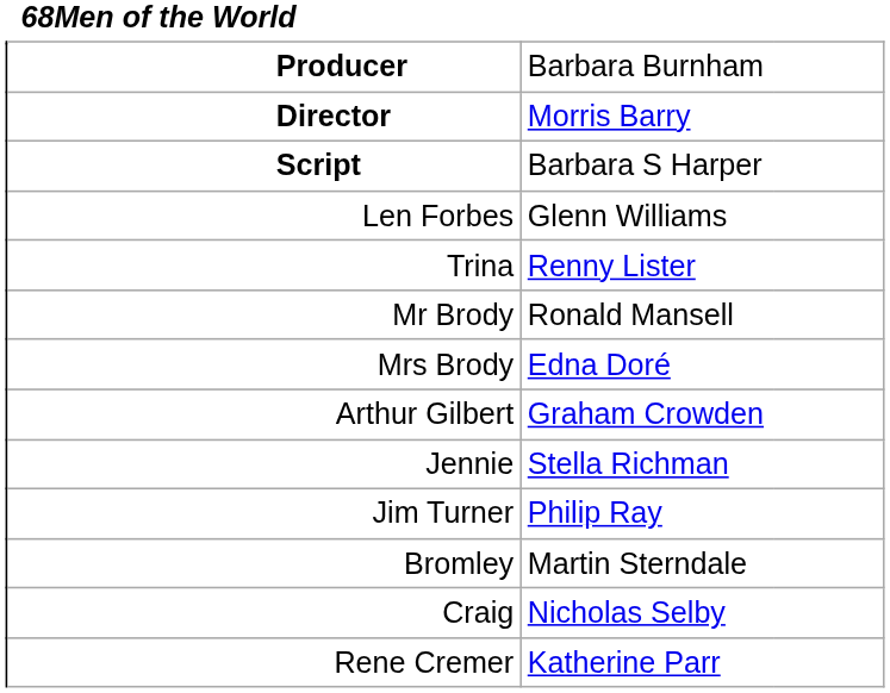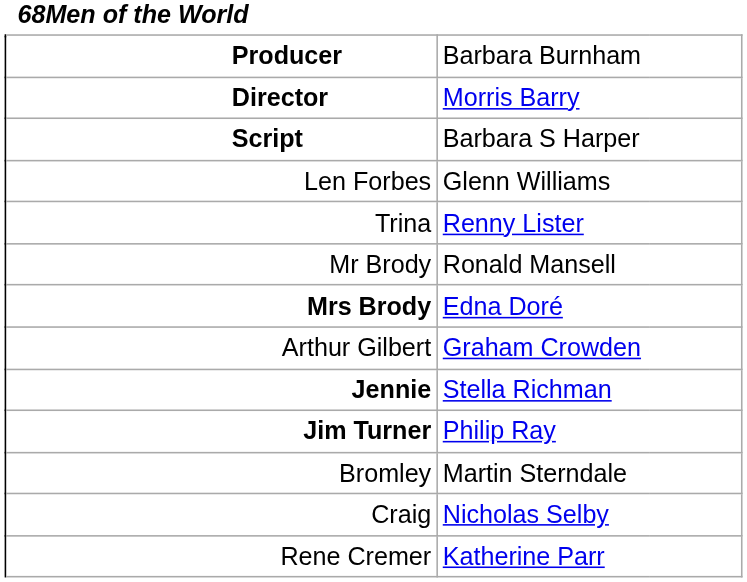 <table class="wikitable mw-collapsible mw-collapsed" style="vertical-align:top;margin:auto 2em;line-height:1.2;min-width:33em;display: inline-table;background-color:inherit;border:none;">
 <tr>
 <td class=unsortable style="border:hidden;line-height:1.67;text-align:center;margin-left:-1em;padding-left:0.5em;min-width:1.0em;"></td>
 <td class=unsortable style="border:none;padding-left:0.5em;text-align:left;min-width:16.5em;font-weight:700;font-style:italic;">68Men of the World</td>
 <td class=unsortable style="border:none;text-align:right;font-weight:normal;font-family:Courier;font-size:95%;letter-spacing:-1pt;min-width:8.5em;padding-right:0.2em;"></td>
 <td class=unsortable style="border:hidden;min-width:3.5em;padding-left:0;"></td>
 <td class=unsortable style="border:hidden;min-width:3.5em;font-size:95%;"></td>
 </tr>
 <tr>
 <td rowspan=100 style="border:none thin;border-right-style :solid;"></td>
 </tr>
 <tr>
 <td style="text-align:left;padding-left:9.0em;font-weight:bold;">Producer</td>
 <td colspan=2>Barbara Burnham</td>
 </tr>
 <tr>
 <td style="text-align:left;padding-left:9.0em;font-weight:bold;">Director</td>
 <td colspan=2><a href='#'>Morris Barry</a></td>
 </tr>
 <tr>
 <td style="text-align:left;padding-left:9.0em;font-weight:bold;">Script</td>
 <td colspan=2>Barbara S Harper</td>
 </tr>
 <tr>
 <td style="text-align:right;">Len Forbes</td>
 <td colspan=2>Glenn Williams</td>
 </tr>
 <tr>
 <td style="text-align:right;">Trina</td>
 <td colspan=2><a href='#'>Renny Lister</a></td>
 </tr>
 <tr>
 <td style="text-align:right;">Mr Brody</td>
 <td colspan=2>Ronald Mansell</td>
 </tr>
 <tr>
-<td style="text-align:right;">Mrs Brody</td>
+<td style="text-align:right;"><strong>Mrs Brody</strong></td>
 <td colspan=2><a href='#'>Edna Doré</a></td>
 </tr>
 <tr>
 <td style="text-align:right;">Arthur Gilbert</td>
 <td colspan=2><a href='#'>Graham Crowden</a></td>
 </tr>
 <tr>
-<td style="text-align:right;">Jennie</td>
+<td style="text-align:right;"><strong>Jennie</strong></td>
 <td colspan=2><a href='#'>Stella Richman</a></td>
 </tr>
 <tr>
-<td style="text-align:right;">Jim Turner</td>
+<td style="text-align:right;"><strong>Jim Turner</strong></td>
 <td colspan=2><a href='#'>Philip Ray</a></td>
 </tr>
 <tr>
 <td style="text-align:right;">Bromley</td>
 <td colspan=2>Martin Sterndale</td>
 </tr>
 <tr>
 <td style="text-align:right;">Craig</td>
 <td colspan=2><a href='#'>Nicholas Selby</a></td>
 </tr>
 <tr>
 <td style="text-align:right;">Rene Cremer</td>
 <td colspan=2><a href='#'>Katherine Parr</a></td>
 </tr>
 </table>
